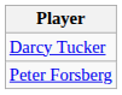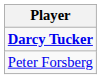 <table class="wikitable">
 <tr>
 <th>Player</th>
 </tr>
 <tr>
-<td><a href='#'>Darcy Tucker</a></td>
+<td><strong><a href='#'>Darcy Tucker</a></strong></td>
 </tr>
 <tr>
 <td><a href='#'>Peter Forsberg</a></td>
 </tr>
 </table>
